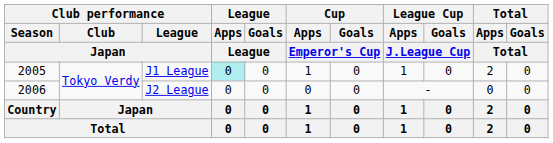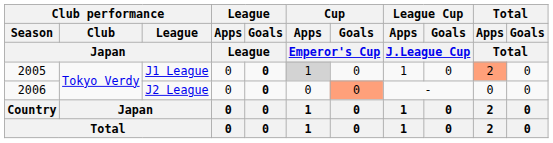 <table class="wikitable" style="text-align:center;">
 <tr>
 <th colspan=3>Club performance</th>
 <th colspan=2>League</th>
 <th colspan=2>Cup</th>
 <th colspan=2>League Cup</th>
 <th colspan=2>Total</th>
 </tr>
 <tr>
 <th>Season</th>
 <th>Club</th>
 <th>League</th>
 <th>Apps</th>
 <th>Goals</th>
 <th>Apps</th>
 <th>Goals</th>
 <th>Apps</th>
 <th>Goals</th>
 <th>Apps</th>
 <th>Goals</th>
 </tr>
 <tr>
 <th colspan=3>Japan</th>
 <th colspan=2>League</th>
 <th colspan=2><a href='#'>Emperor's Cup</a></th>
 <th colspan=2><a href='#'>J.League Cup</a></th>
 <th colspan=2>Total</th>
 </tr>
 <tr>
 <td>2005</td>
 <td rowspan="2"><a href='#'>Tokyo Verdy</a></td>
 <td><a href='#'>J1 League</a></td>
-<td style="background: paleturquoise;">0</td>
+<td>0</td>
+<td><strong>0</strong></td>
+<td style="background: lightgrey;">1</td>
 <td>0</td>
 <td>1</td>
 <td>0</td>
-<td>1</td>
-<td>0</td>
-<td>2</td>
+<td style="background: lightsalmon;">2</td>
 <td>0</td>
 </tr>
 <tr>
 <td>2006</td>
 <td><a href='#'>J2 League</a></td>
 <td>0</td>
+<td><strong>0</strong></td>
 <td>0</td>
-<td>0</td>
-<td>0</td>
+<td style="background: lightsalmon;">0</td>
 <td colspan="2">-</td>
 <td>0</td>
 <td>0</td>
 </tr>
 <tr>
 <th rowspan=1>Country</th>
 <th colspan=2>Japan</th>
 <th>0</th>
 <th>0</th>
 <th>1</th>
 <th>0</th>
 <th>1</th>
 <th>0</th>
 <th>2</th>
 <th>0</th>
 </tr>
 <tr>
 <th colspan=3>Total</th>
 <th>0</th>
 <th>0</th>
 <th>1</th>
 <th>0</th>
 <th>1</th>
 <th>0</th>
 <th>2</th>
 <th>0</th>
 </tr>
 </table>
